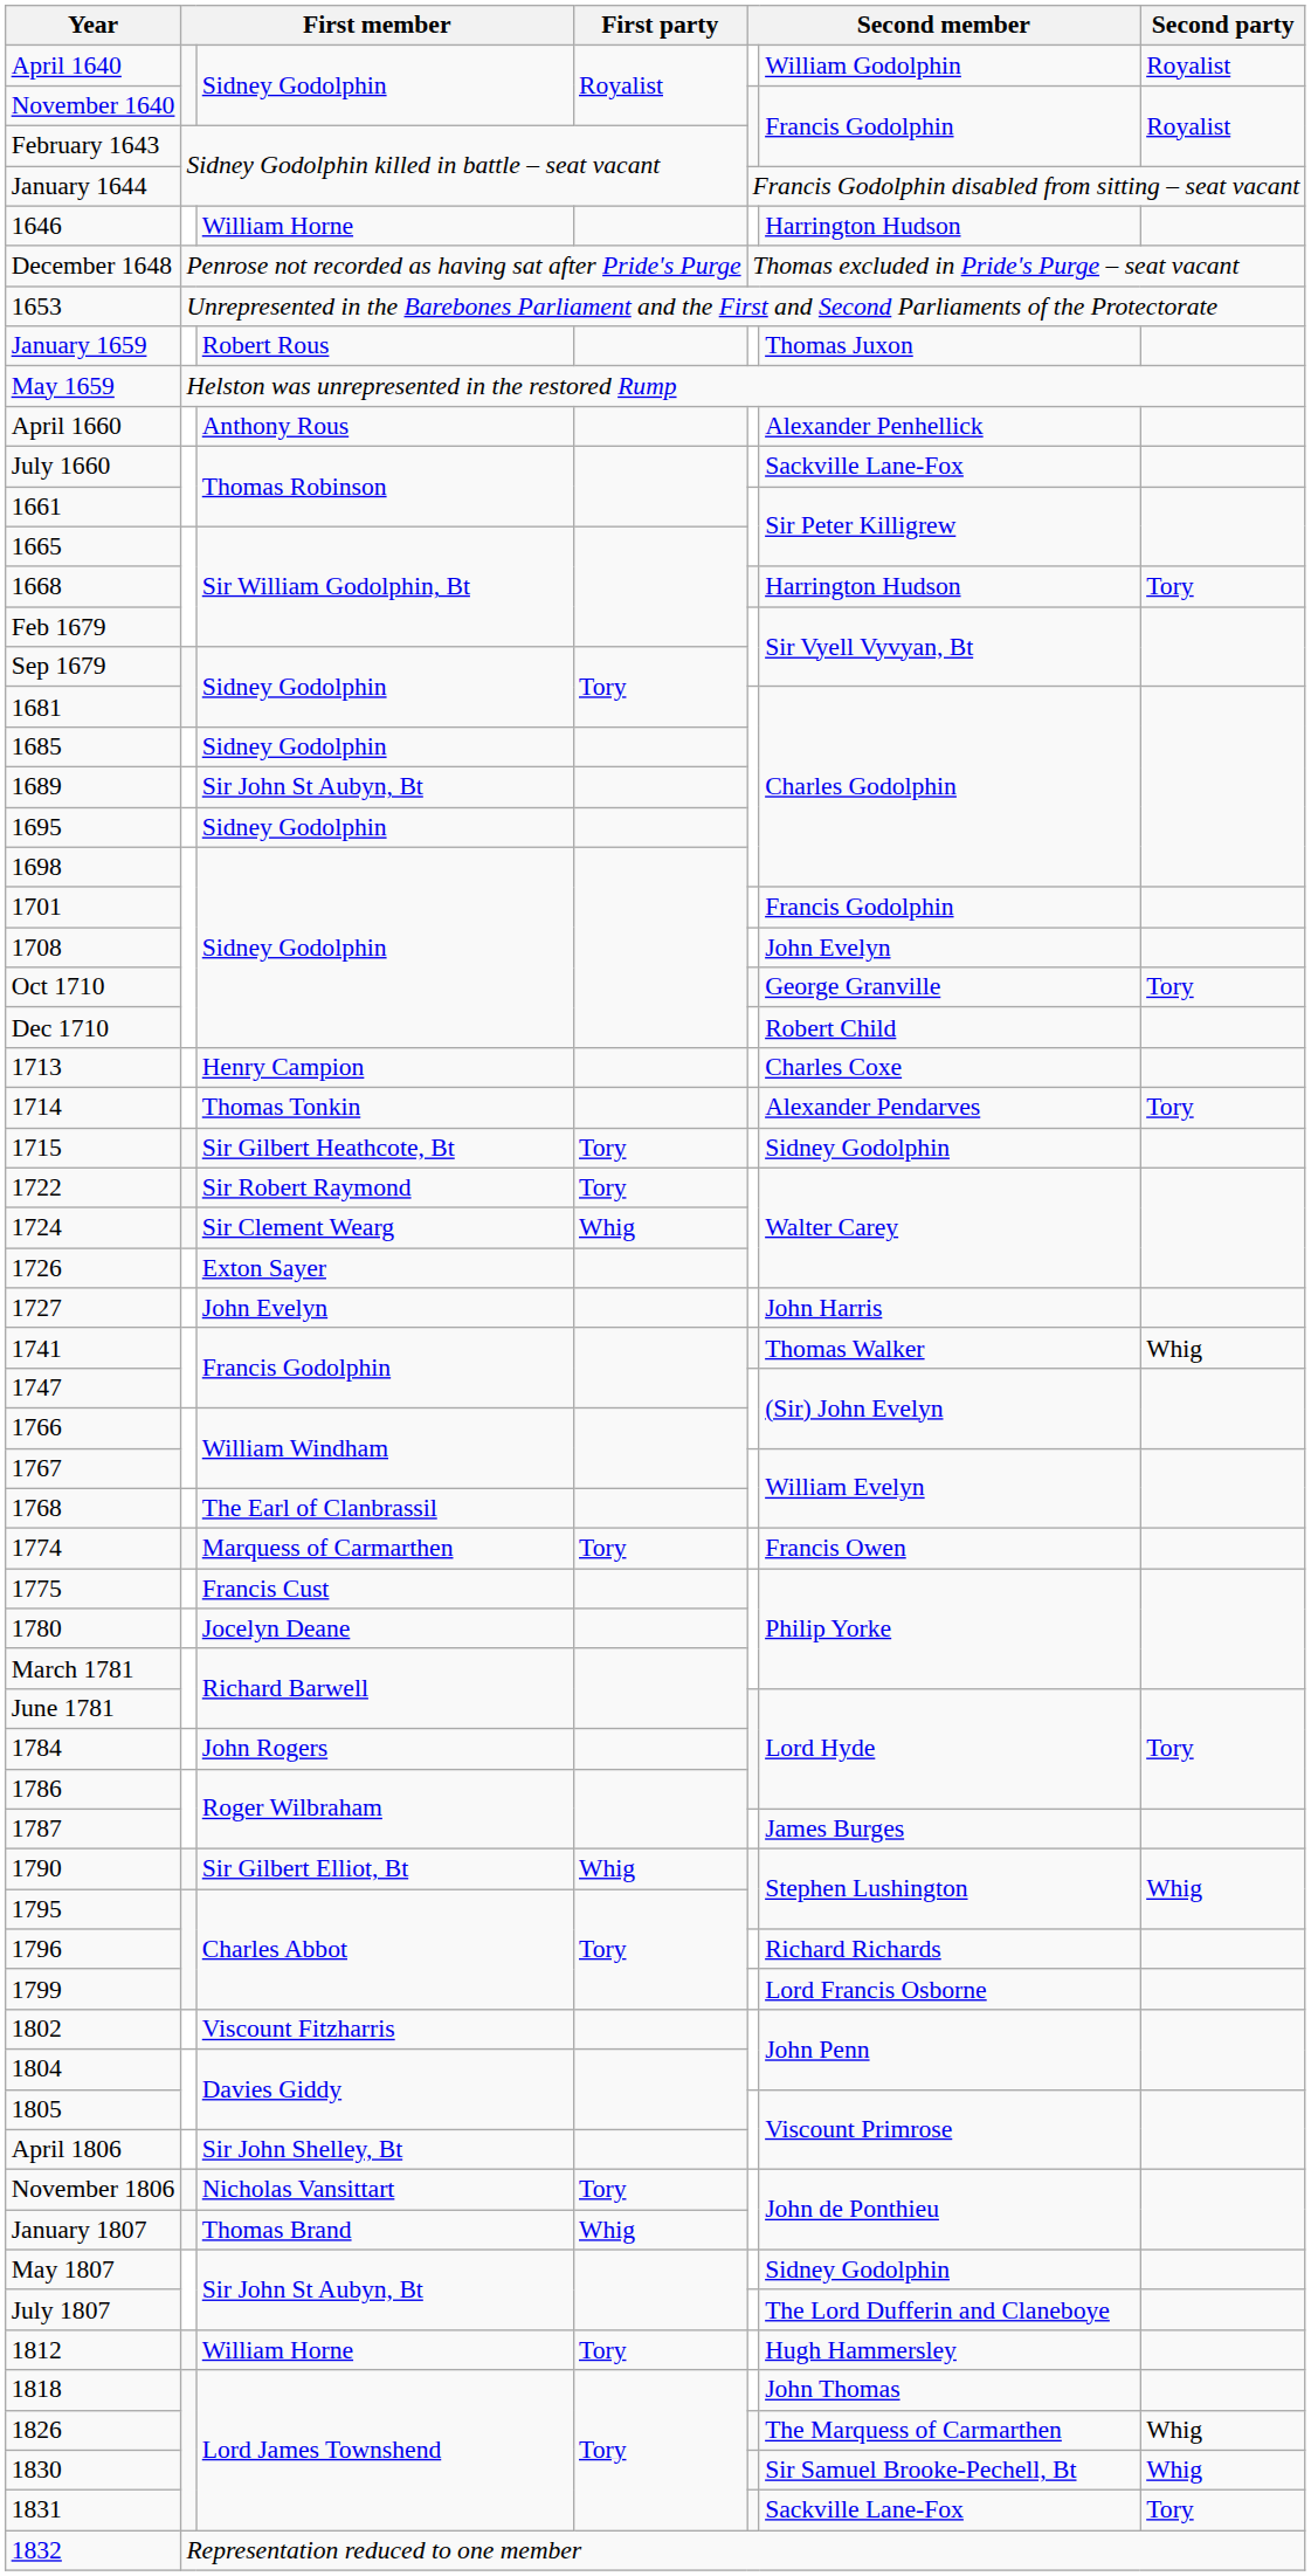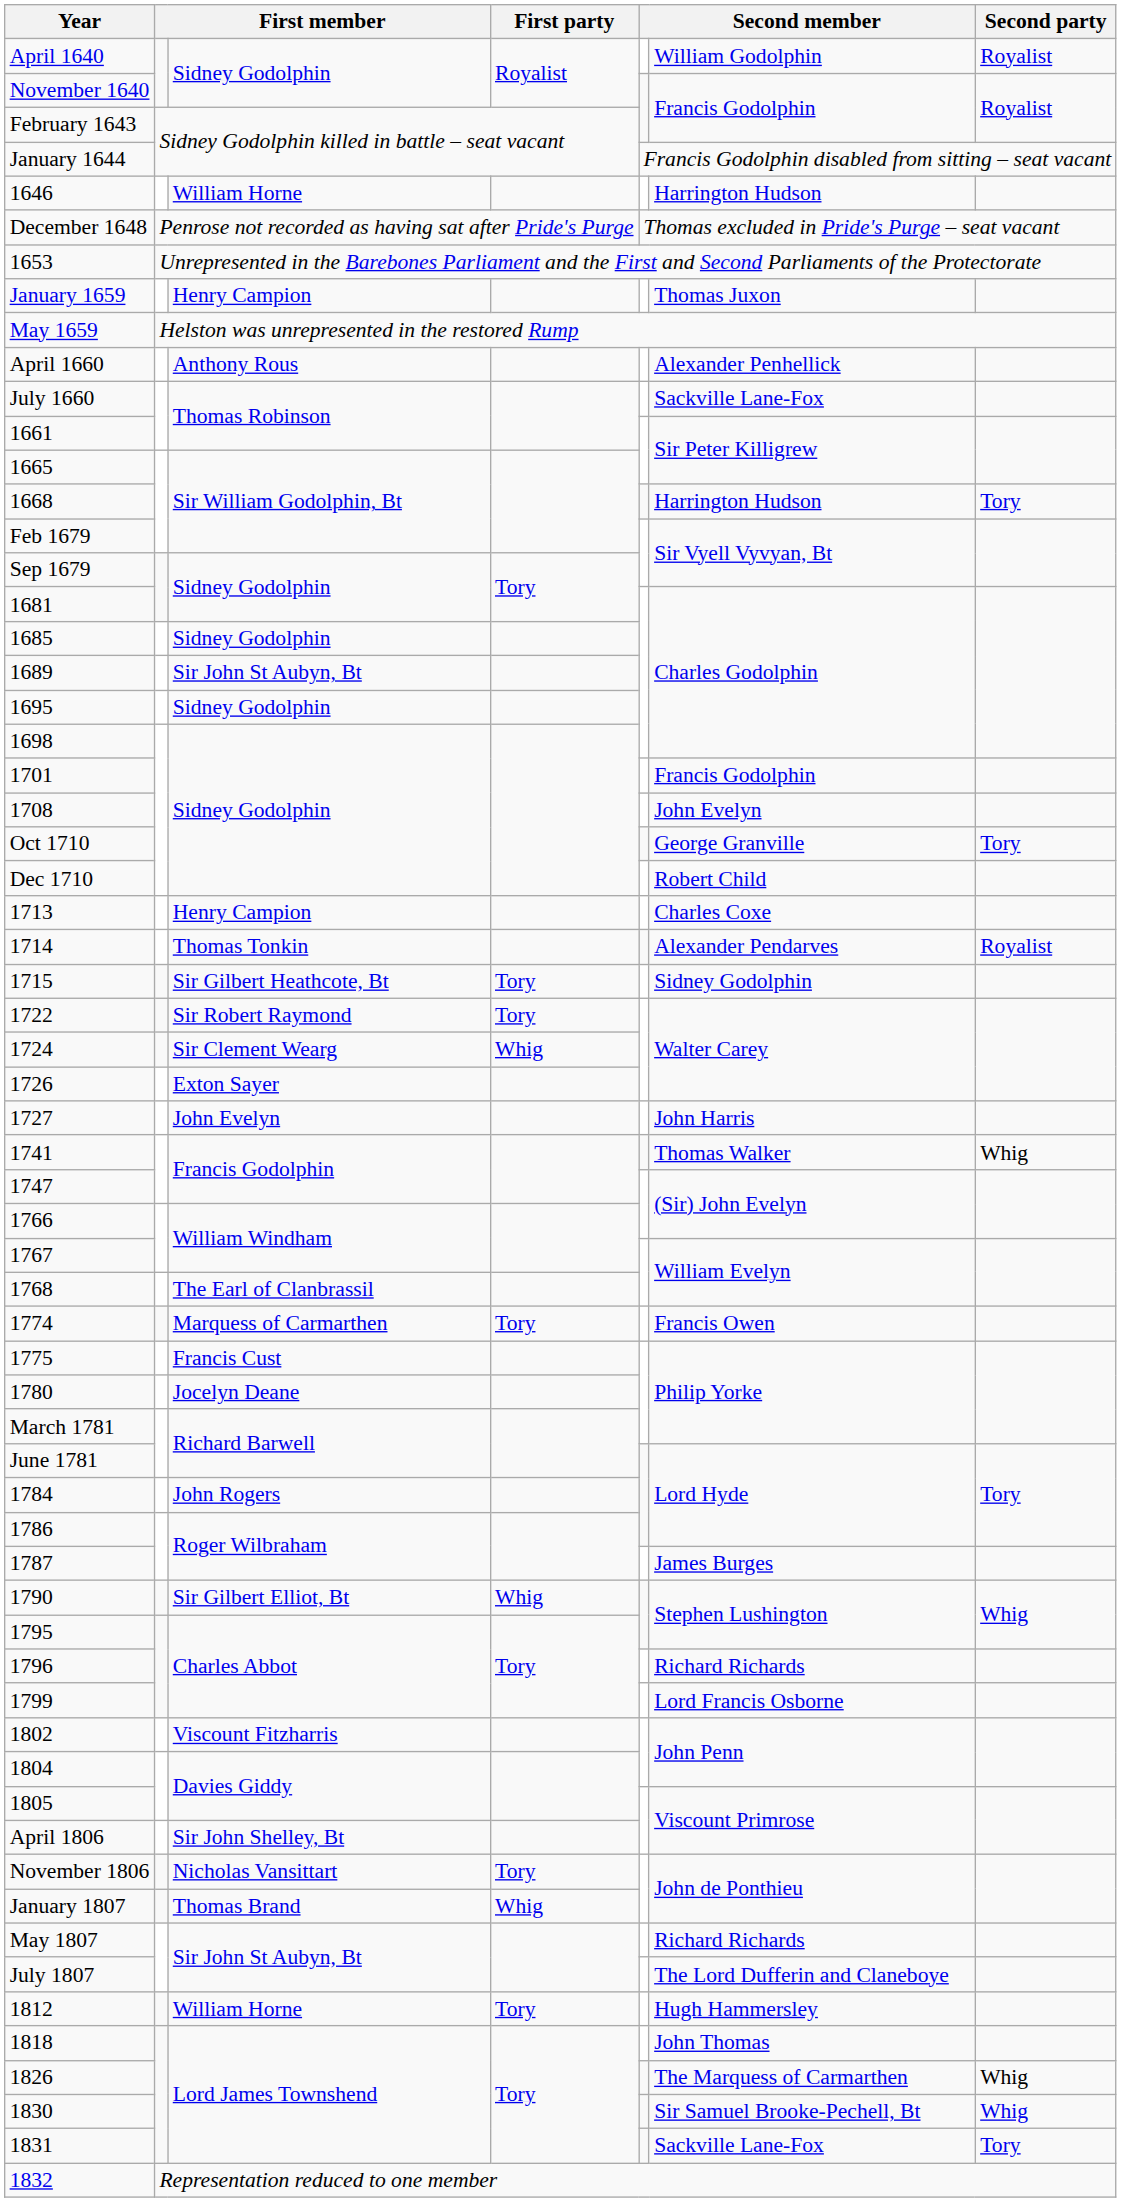 <table class="wikitable">
 <tr>
 <th>Year</th>
 <th colspan="2">First member</th>
 <th>First party</th>
 <th colspan="2">Second member</th>
 <th>Second party</th>
 </tr>
 <tr>
 <td><a href='#'>April 1640</a></td>
 <td rowspan="2" style="color:inherit;background-color: "></td>
 <td rowspan="2"><a href='#'>Sidney Godolphin</a></td>
 <td rowspan="2"><a href='#'>Royalist</a></td>
 <td style="color:inherit;background-color: white"></td>
 <td><a href='#'>William Godolphin</a></td>
 <td><a href='#'>Royalist</a></td>
 </tr>
 <tr>
 <td><a href='#'>November 1640</a></td>
 <td rowspan="2" style="color:inherit;background-color: "></td>
 <td rowspan="2"><a href='#'>Francis Godolphin</a></td>
 <td rowspan="2"><a href='#'>Royalist</a></td>
 </tr>
 <tr>
 <td>February 1643</td>
 <td rowspan="2" colspan="3"><em>Sidney Godolphin killed in battle – seat vacant</em></td>
 </tr>
 <tr>
 <td>January 1644</td>
 <td colspan="3"><em>Francis Godolphin disabled from sitting – seat vacant</em></td>
 </tr>
 <tr>
 <td>1646</td>
 <td style="color:inherit;background-color: white"></td>
 <td><a href='#'>William Horne</a></td>
 <td></td>
 <td style="color:inherit;background-color: white"></td>
 <td><a href='#'>Harrington Hudson</a></td>
 <td></td>
 </tr>
 <tr>
 <td>December 1648</td>
 <td colspan="3"><em>Penrose not recorded as having sat after <a href='#'>Pride's Purge</a></em></td>
 <td colspan="3"><em>Thomas excluded in <a href='#'>Pride's Purge</a> – seat vacant</em></td>
 </tr>
 <tr>
 <td>1653</td>
 <td colspan="6"><em>Unrepresented in the <a href='#'>Barebones Parliament</a> and the <a href='#'>First</a> and <a href='#'>Second</a> Parliaments of the Protectorate</em></td>
 </tr>
 <tr>
 <td><a href='#'>January 1659</a></td>
 <td style="color:inherit;background-color: white"></td>
-<td><a href='#'>Robert Rous</a></td>
+<td><a href='#'>Henry Campion</a></td>
 <td></td>
 <td style="color:inherit;background-color: white"></td>
 <td><a href='#'>Thomas Juxon</a></td>
 <td></td>
 </tr>
 <tr>
 <td><a href='#'>May 1659</a></td>
 <td colspan="6"><em>Helston was unrepresented in the restored <a href='#'>Rump</a></em></td>
 </tr>
 <tr>
 <td>April 1660</td>
 <td style="color:inherit;background-color: white"></td>
 <td><a href='#'>Anthony Rous</a></td>
 <td></td>
 <td style="color:inherit;background-color: white"></td>
 <td><a href='#'>Alexander Penhellick</a></td>
 <td></td>
 </tr>
 <tr>
 <td>July 1660</td>
 <td rowspan="2" style="color:inherit;background-color: white"></td>
 <td rowspan="2"><a href='#'>Thomas Robinson</a></td>
 <td rowspan="2"></td>
 <td style="color:inherit;background-color: white"></td>
 <td><a href='#'>Sackville Lane-Fox</a></td>
 <td></td>
 </tr>
 <tr>
 <td>1661</td>
 <td rowspan="2" style="color:inherit;background-color: white"></td>
 <td rowspan="2"><a href='#'>Sir Peter Killigrew</a></td>
 <td rowspan="2"></td>
 </tr>
 <tr>
 <td>1665</td>
 <td rowspan="3" style="color:inherit;background-color: white"></td>
 <td rowspan="3"><a href='#'>Sir William Godolphin, Bt</a></td>
 <td rowspan="3"></td>
 </tr>
 <tr>
 <td>1668</td>
 <td style="color:inherit;background-color: "></td>
 <td><a href='#'>Harrington Hudson</a></td>
 <td><a href='#'>Tory</a></td>
 </tr>
 <tr>
 <td>Feb 1679</td>
 <td rowspan="2" style="color:inherit;background-color: white"></td>
 <td rowspan="2"><a href='#'>Sir Vyell Vyvyan, Bt</a></td>
 <td rowspan="2"></td>
 </tr>
 <tr>
 <td>Sep 1679</td>
 <td rowspan="2" style="color:inherit;background-color: "></td>
 <td rowspan="2"><a href='#'>Sidney Godolphin</a></td>
 <td rowspan="2"><a href='#'>Tory</a></td>
 </tr>
 <tr>
 <td>1681</td>
 <td rowspan="5" style="color:inherit;background-color: white"></td>
 <td rowspan="5"><a href='#'>Charles Godolphin</a></td>
 <td rowspan="5"></td>
 </tr>
 <tr>
 <td>1685</td>
 <td style="color:inherit;background-color: white"></td>
 <td><a href='#'>Sidney Godolphin</a></td>
 <td></td>
 </tr>
 <tr>
 <td>1689</td>
 <td style="color:inherit;background-color: white"></td>
 <td><a href='#'>Sir John St Aubyn, Bt</a></td>
 <td></td>
 </tr>
 <tr>
 <td>1695</td>
 <td style="color:inherit;background-color: white"></td>
 <td><a href='#'>Sidney Godolphin</a></td>
 <td></td>
 </tr>
 <tr>
 <td>1698</td>
 <td rowspan="5" style="color:inherit;background-color: white"></td>
 <td rowspan="5"><a href='#'>Sidney Godolphin</a></td>
 <td rowspan="5"></td>
 </tr>
 <tr>
 <td>1701</td>
 <td style="color:inherit;background-color: white"></td>
 <td><a href='#'>Francis Godolphin</a></td>
 <td></td>
 </tr>
 <tr>
 <td>1708</td>
 <td style="color:inherit;background-color: white"></td>
 <td><a href='#'>John Evelyn</a></td>
 <td></td>
 </tr>
 <tr>
 <td>Oct 1710</td>
 <td style="color:inherit;background-color: "></td>
 <td><a href='#'>George Granville</a></td>
 <td><a href='#'>Tory</a></td>
 </tr>
 <tr>
 <td>Dec 1710</td>
 <td style="color:inherit;background-color: white"></td>
 <td><a href='#'>Robert Child</a></td>
 <td></td>
 </tr>
 <tr>
 <td>1713</td>
 <td style="color:inherit;background-color: white"></td>
 <td><a href='#'>Henry Campion</a></td>
 <td></td>
 <td style="color:inherit;background-color: white"></td>
 <td><a href='#'>Charles Coxe</a></td>
 <td></td>
 </tr>
 <tr>
 <td>1714</td>
 <td style="color:inherit;background-color: white"></td>
 <td><a href='#'>Thomas Tonkin</a></td>
 <td></td>
 <td style="color:inherit;background-color: "></td>
 <td><a href='#'>Alexander Pendarves</a></td>
-<td><a href='#'>Tory</a></td>
+<td><a href='#'>Royalist</a></td>
 </tr>
 <tr>
 <td>1715</td>
 <td style="color:inherit;background-color: "></td>
 <td><a href='#'>Sir Gilbert Heathcote, Bt</a></td>
 <td><a href='#'>Tory</a></td>
 <td style="color:inherit;background-color: white"></td>
 <td><a href='#'>Sidney Godolphin</a></td>
 <td></td>
 </tr>
 <tr>
 <td>1722</td>
 <td style="color:inherit;background-color: "></td>
 <td><a href='#'>Sir Robert Raymond</a></td>
 <td><a href='#'>Tory</a></td>
 <td rowspan="3" style="color:inherit;background-color: white"></td>
 <td rowspan="3"><a href='#'>Walter Carey</a></td>
 <td rowspan="3"></td>
 </tr>
 <tr>
 <td>1724</td>
 <td style="color:inherit;background-color: "></td>
 <td><a href='#'>Sir Clement Wearg</a></td>
 <td><a href='#'>Whig</a></td>
 </tr>
 <tr>
 <td>1726</td>
 <td style="color:inherit;background-color: white"></td>
 <td><a href='#'>Exton Sayer</a></td>
 <td></td>
 </tr>
 <tr>
 <td>1727</td>
 <td style="color:inherit;background-color: white"></td>
 <td><a href='#'>John Evelyn</a></td>
 <td></td>
 <td style="color:inherit;background-color: white"></td>
 <td><a href='#'>John Harris</a></td>
 <td></td>
 </tr>
 <tr>
 <td>1741</td>
 <td rowspan="2" style="color:inherit;background-color: white"></td>
 <td rowspan="2"><a href='#'>Francis Godolphin</a></td>
 <td rowspan="2"></td>
 <td style="color:inherit;background-color: "></td>
 <td><a href='#'>Thomas Walker</a></td>
 <td>Whig</td>
 </tr>
 <tr>
 <td>1747</td>
 <td rowspan="2" style="color:inherit;background-color: white"></td>
 <td rowspan="2"><a href='#'>(Sir) John Evelyn</a></td>
 <td rowspan="2"></td>
 </tr>
 <tr>
 <td>1766</td>
 <td rowspan="2" style="color:inherit;background-color: white"></td>
 <td rowspan="2"><a href='#'>William Windham</a></td>
 <td rowspan="2"></td>
 </tr>
 <tr>
 <td>1767</td>
 <td rowspan="2" style="color:inherit;background-color: white"></td>
 <td rowspan="2"><a href='#'>William Evelyn</a></td>
 <td rowspan="2"></td>
 </tr>
 <tr>
 <td>1768</td>
 <td style="color:inherit;background-color: white"></td>
 <td><a href='#'>The Earl of Clanbrassil</a></td>
 <td></td>
 </tr>
 <tr>
 <td>1774 </td>
 <td style="color:inherit;background-color: "></td>
 <td><a href='#'>Marquess of Carmarthen</a></td>
 <td><a href='#'>Tory</a></td>
 <td style="color:inherit;background-color: white"></td>
 <td><a href='#'>Francis Owen</a></td>
 <td></td>
 </tr>
 <tr>
 <td>1775</td>
 <td style="color:inherit;background-color: white"></td>
 <td><a href='#'>Francis Cust</a></td>
 <td></td>
 <td rowspan="3" style="color:inherit;background-color: white"></td>
 <td rowspan="3"><a href='#'>Philip Yorke</a></td>
 <td rowspan="3"></td>
 </tr>
 <tr>
 <td>1780</td>
 <td style="color:inherit;background-color: white"></td>
 <td><a href='#'>Jocelyn Deane</a></td>
 <td></td>
 </tr>
 <tr>
 <td>March 1781</td>
 <td rowspan="2" style="color:inherit;background-color: white"></td>
 <td rowspan="2"><a href='#'>Richard Barwell</a></td>
 <td rowspan="2"></td>
 </tr>
 <tr>
 <td>June 1781</td>
 <td rowspan="3" style="color:inherit;background-color: "></td>
 <td rowspan="3"><a href='#'>Lord Hyde</a></td>
 <td rowspan="3"><a href='#'>Tory</a></td>
 </tr>
 <tr>
 <td>1784</td>
 <td style="color:inherit;background-color: white"></td>
 <td><a href='#'>John Rogers</a></td>
 <td></td>
 </tr>
 <tr>
 <td>1786</td>
 <td rowspan="2" style="color:inherit;background-color: white"></td>
 <td rowspan="2"><a href='#'>Roger Wilbraham</a></td>
 <td rowspan="2"></td>
 </tr>
 <tr>
 <td>1787</td>
 <td style="color:inherit;background-color: white"></td>
 <td><a href='#'>James Burges</a></td>
 <td></td>
 </tr>
 <tr>
 <td>1790</td>
 <td style="color:inherit;background-color: "></td>
 <td><a href='#'>Sir Gilbert Elliot, Bt</a></td>
 <td><a href='#'>Whig</a></td>
 <td rowspan="2" style="color:inherit;background-color: "></td>
 <td rowspan="2"><a href='#'>Stephen Lushington</a></td>
 <td rowspan="2"><a href='#'>Whig</a></td>
 </tr>
 <tr>
 <td>1795</td>
 <td rowspan="3" style="color:inherit;background-color: "></td>
 <td rowspan="3"><a href='#'>Charles Abbot</a></td>
 <td rowspan="3"><a href='#'>Tory</a></td>
 </tr>
 <tr>
 <td>1796</td>
 <td style="color:inherit;background-color: white"></td>
 <td><a href='#'>Richard Richards</a></td>
 <td></td>
 </tr>
 <tr>
 <td>1799</td>
 <td style="color:inherit;background-color: white"></td>
 <td><a href='#'>Lord Francis Osborne</a></td>
 <td></td>
 </tr>
 <tr>
 <td>1802</td>
 <td style="color:inherit;background-color: white"></td>
 <td><a href='#'>Viscount Fitzharris</a></td>
 <td></td>
 <td rowspan="2" style="color:inherit;background-color: white"></td>
 <td rowspan="2"><a href='#'>John Penn</a></td>
 <td rowspan="2"></td>
 </tr>
 <tr>
 <td>1804</td>
 <td rowspan="2" style="color:inherit;background-color: white"></td>
 <td rowspan="2"><a href='#'>Davies Giddy</a></td>
 <td rowspan="2"></td>
 </tr>
 <tr>
 <td>1805</td>
 <td rowspan="2" style="color:inherit;background-color: white"></td>
 <td rowspan="2"><a href='#'>Viscount Primrose</a></td>
 <td rowspan="2"></td>
 </tr>
 <tr>
 <td>April 1806</td>
 <td style="color:inherit;background-color: white"></td>
 <td><a href='#'>Sir John Shelley, Bt</a></td>
 <td></td>
 </tr>
 <tr>
 <td>November 1806</td>
 <td style="color:inherit;background-color: "></td>
 <td><a href='#'>Nicholas Vansittart</a></td>
 <td><a href='#'>Tory</a></td>
 <td rowspan="2" style="color:inherit;background-color: white"></td>
 <td rowspan="2"><a href='#'>John de Ponthieu</a></td>
 <td rowspan="2"></td>
 </tr>
 <tr>
 <td>January 1807</td>
 <td style="color:inherit;background-color: "></td>
 <td><a href='#'>Thomas Brand</a></td>
 <td><a href='#'>Whig</a></td>
 </tr>
 <tr>
 <td>May 1807</td>
 <td rowspan="2" style="color:inherit;background-color: white"></td>
 <td rowspan="2"><a href='#'>Sir John St Aubyn, Bt</a></td>
 <td rowspan="2"></td>
 <td style="color:inherit;background-color: white"></td>
-<td><a href='#'>Sidney Godolphin</a></td>
+<td><a href='#'>Richard Richards</a></td>
 <td></td>
 </tr>
 <tr>
 <td>July 1807</td>
 <td style="color:inherit;background-color: white"></td>
 <td><a href='#'>The Lord Dufferin and Claneboye</a></td>
 <td></td>
 </tr>
 <tr>
 <td>1812</td>
 <td style="color:inherit;background-color: "></td>
 <td><a href='#'>William Horne</a></td>
 <td><a href='#'>Tory</a></td>
 <td style="color:inherit;background-color: white"></td>
 <td><a href='#'>Hugh Hammersley</a></td>
 <td></td>
 </tr>
 <tr>
 <td>1818</td>
 <td rowspan="4" style="color:inherit;background-color: "></td>
 <td rowspan="4"><a href='#'>Lord James Townshend</a></td>
 <td rowspan="4"><a href='#'>Tory</a></td>
 <td style="color:inherit;background-color: white"></td>
 <td><a href='#'>John Thomas</a></td>
 <td></td>
 </tr>
 <tr>
 <td>1826</td>
 <td style="color:inherit;background-color: "></td>
 <td><a href='#'>The Marquess of Carmarthen</a></td>
 <td>Whig</td>
 </tr>
 <tr>
 <td>1830</td>
 <td style="color:inherit;background-color: "></td>
 <td><a href='#'>Sir Samuel Brooke-Pechell, Bt</a></td>
 <td><a href='#'>Whig</a></td>
 </tr>
 <tr>
 <td>1831</td>
 <td style="color:inherit;background-color: "></td>
 <td><a href='#'>Sackville Lane-Fox</a></td>
 <td><a href='#'>Tory</a></td>
 </tr>
 <tr>
 <td><a href='#'>1832</a></td>
 <td colspan="6"><em>Representation reduced to one member</em></td>
 </tr>
 </table>
